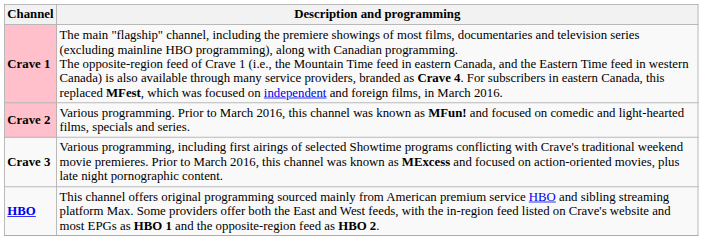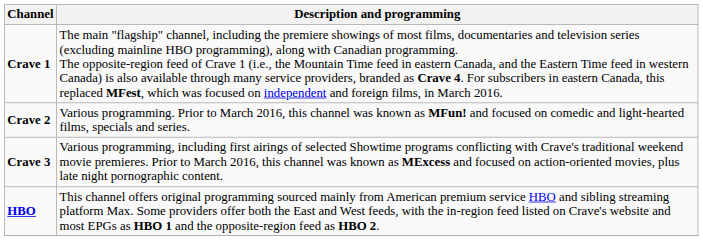 <table class="wikitable">
 <tr>
 <th>Channel</th>
 <th>Description and programming</th>
 </tr>
 <tr>
-<td style="background: pink;"><strong>Crave 1</strong></td>
+<td><strong>Crave 1</strong></td>
 <td>The main "flagship" channel, including the premiere showings of most films, documentaries and television series (excluding mainline HBO programming), along with Canadian programming. <br>The opposite-region feed of Crave 1 (i.e., the Mountain Time feed in eastern Canada, and the Eastern Time feed in western Canada) is also available through many service providers, branded as <strong>Crave 4</strong>. For subscribers in eastern Canada, this replaced <strong>MFest</strong>, which was focused on <a href='#'>independent</a> and foreign films, in March 2016.</td>
 </tr>
 <tr>
-<td style="background: pink;"><strong>Crave 2</strong></td>
+<td><strong>Crave 2</strong></td>
 <td>Various programming. Prior to March 2016, this channel was known as <strong>MFun!</strong> and focused on comedic and light-hearted films, specials and series.</td>
 </tr>
 <tr>
 <td><strong>Crave 3</strong></td>
 <td>Various programming, including first airings of selected Showtime programs conflicting with Crave's traditional weekend movie premieres. Prior to March 2016, this channel was known as <strong>MExcess</strong> and focused on action-oriented movies, plus late night pornographic content.</td>
 </tr>
 <tr>
 <td><strong><a href='#'>HBO</a></strong></td>
 <td>This channel offers original programming sourced mainly from American premium service <a href='#'>HBO</a> and sibling streaming platform Max. Some providers offer both the East and West feeds, with the in-region feed listed on Crave's website and most EPGs as <strong>HBO 1</strong> and the opposite-region feed as <strong>HBO 2</strong>.</td>
 </tr>
 <tr>
 </tr>
 </table>
